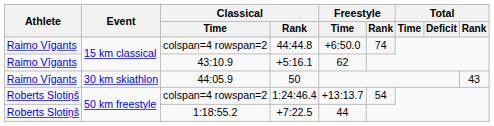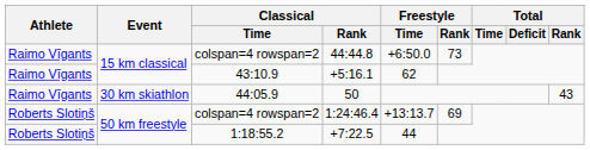 <table class=wikitable style="text-align:center; font-size:90%">
 <tr>
 <th rowspan=2>Athlete</th>
 <th rowspan=2>Event</th>
 <th colspan=2>Classical</th>
 <th colspan=2>Freestyle</th>
 <th colspan=3>Total</th>
 </tr>
 <tr style="font-size:95%">
 <th>Time</th>
 <th>Rank</th>
 <th>Time</th>
 <th>Rank</th>
 <th>Time</th>
 <th>Deficit</th>
 <th>Rank</th>
 </tr>
 <tr>
 <td align=left><a href='#'>Raimo Vīgants</a></td>
 <td align=left rowspan=2><a href='#'>15 km classical</a></td>
 <td>colspan=4 rowspan=2 </td>
 <td>44:44.8</td>
 <td>+6:50.0</td>
-<td>74</td>
+<td>73</td>
 </tr>
 <tr>
 <td align=left><a href='#'>Raimo Vīgants</a></td>
 <td>43:10.9</td>
 <td>+5:16.1</td>
 <td>62</td>
 </tr>
 <tr>
 <td align=left><a href='#'>Raimo Vīgants</a></td>
 <td align=left><a href='#'>30 km skiathlon</a></td>
 <td>44:05.9</td>
 <td>50</td>
 <td colspan=4></td>
 <td>43</td>
 </tr>
 <tr>
 <td align=left><a href='#'>Roberts Slotiņš</a></td>
 <td align=left rowspan=2><a href='#'>50 km freestyle</a></td>
 <td>colspan=4 rowspan=2 </td>
 <td>1:24:46.4</td>
 <td>+13:13.7</td>
-<td>54</td>
+<td>69</td>
 </tr>
 <tr>
 <td align=left><a href='#'>Roberts Slotiņš</a></td>
 <td>1:18:55.2</td>
 <td>+7:22.5</td>
 <td>44</td>
 </tr>
 </table>
